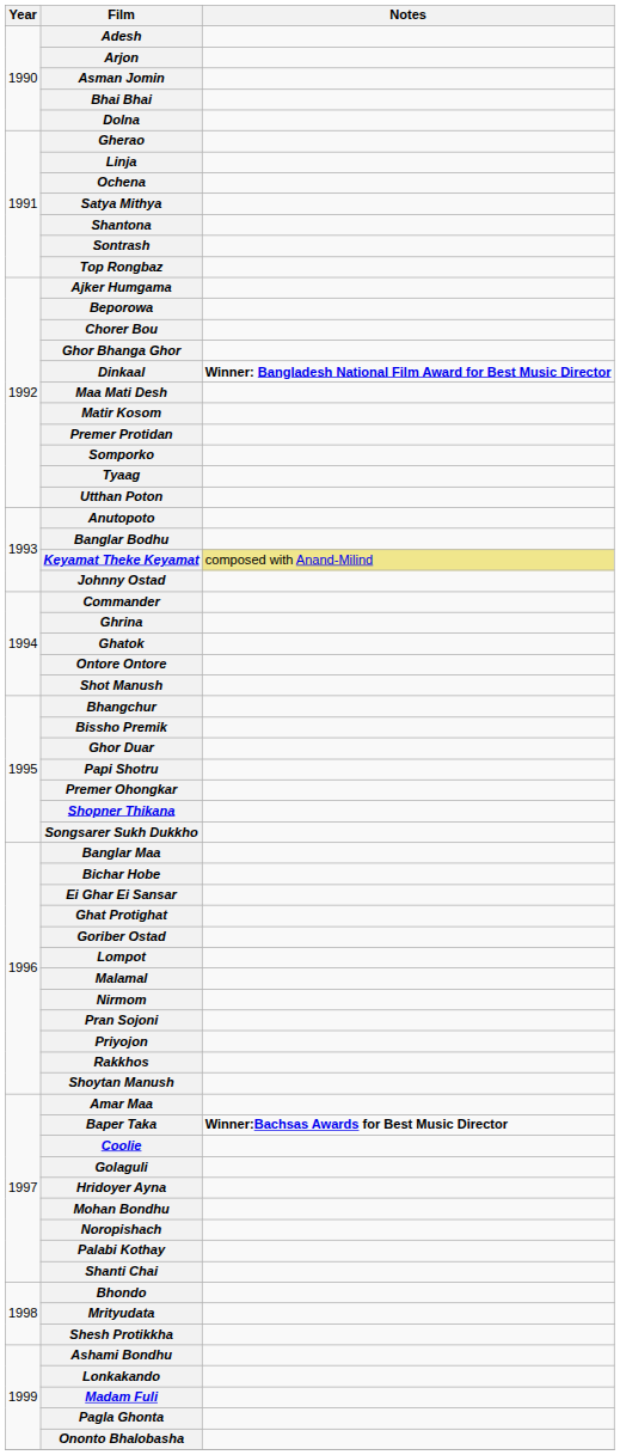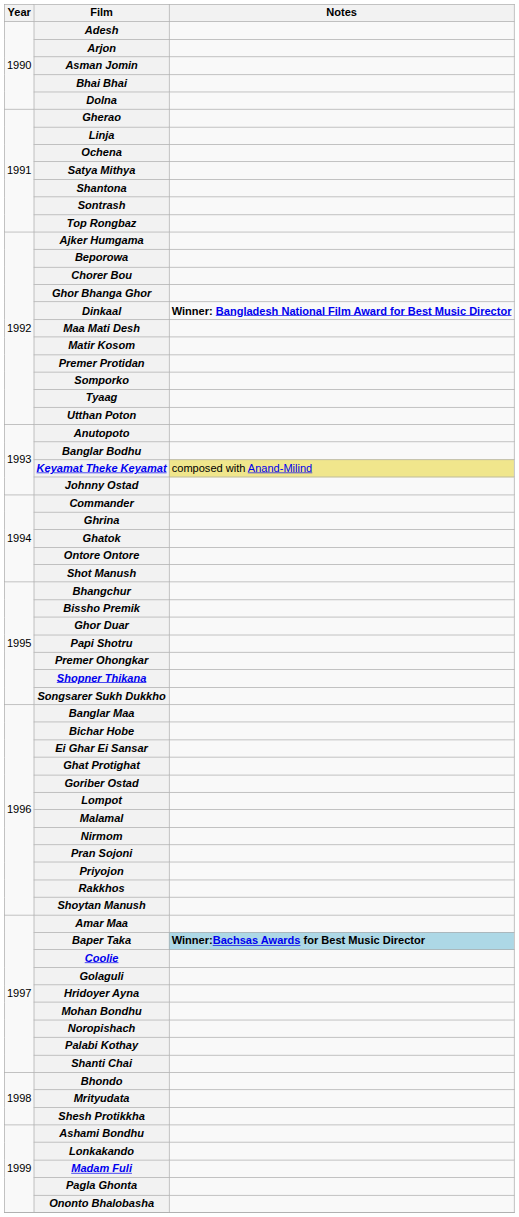 <table class="wikitable sortable">
 <tr>
 <th>Year</th>
 <th>Film</th>
 <th>Notes</th>
 </tr>
 <tr>
 <td rowspan=5>1990</td>
 <th><em>Adesh</em></th>
 <td></td>
 </tr>
 <tr>
 <th><em>Arjon</em></th>
 <td></td>
 </tr>
 <tr>
 <th><em>Asman Jomin</em></th>
 <td></td>
 </tr>
 <tr>
 <th><em>Bhai Bhai</em></th>
 <td></td>
 </tr>
 <tr>
 <th><em>Dolna</em></th>
 <td></td>
 </tr>
 <tr>
 <td rowspan=7>1991</td>
 <th><em>Gherao</em></th>
 <td></td>
 </tr>
 <tr>
 <th><em>Linja</em></th>
 <td></td>
 </tr>
 <tr>
 <th><em>Ochena</em></th>
 <td></td>
 </tr>
 <tr>
 <th><em>Satya Mithya</em></th>
 <td></td>
 </tr>
 <tr>
 <th><em>Shantona</em></th>
 <td></td>
 </tr>
 <tr>
 <th><em>Sontrash</em></th>
 <td></td>
 </tr>
 <tr>
 <th><em>Top Rongbaz</em></th>
 <td></td>
 </tr>
 <tr>
 <td rowspan=11>1992</td>
 <th><em>Ajker Humgama</em></th>
 <td></td>
 </tr>
 <tr>
 <th><em>Beporowa</em></th>
 <td></td>
 </tr>
 <tr>
 <th><em>Chorer Bou</em></th>
 <td></td>
 </tr>
 <tr>
 <th><em>Ghor Bhanga Ghor</em></th>
 <td></td>
 </tr>
 <tr>
 <th><em>Dinkaal</em></th>
 <td><strong>Winner: <a href='#'>Bangladesh National Film Award for Best Music Director</a></strong> </td>
 </tr>
 <tr>
 <th><em>Maa Mati Desh</em></th>
 <td></td>
 </tr>
 <tr>
 <th><em>Matir Kosom</em></th>
 <td></td>
 </tr>
 <tr>
 <th><em>Premer Protidan</em></th>
 <td></td>
 </tr>
 <tr>
 <th><em>Somporko</em></th>
 <td></td>
 </tr>
 <tr>
 <th><em>Tyaag</em></th>
 <td></td>
 </tr>
 <tr>
 <th><em>Utthan Poton</em></th>
 <td></td>
 </tr>
 <tr>
 <td rowspan=4>1993</td>
 <th><em>Anutopoto</em></th>
 <td></td>
 </tr>
 <tr>
 <th><em>Banglar Bodhu</em></th>
 <td></td>
 </tr>
 <tr>
 <th><em><a href='#'>Keyamat Theke Keyamat</a></em></th>
 <td style="background: khaki;">composed with <a href='#'>Anand-Milind</a></td>
 </tr>
 <tr>
 <th><em>Johnny Ostad</em></th>
 <td></td>
 </tr>
 <tr>
 <td rowspan=5>1994</td>
 <th><em>Commander</em> </th>
 <td></td>
 </tr>
 <tr>
 <th><em>Ghrina</em></th>
 <td></td>
 </tr>
 <tr>
 <th><em>Ghatok</em></th>
 <td></td>
 </tr>
 <tr>
 <th><em>Ontore Ontore</em></th>
 <td></td>
 </tr>
 <tr>
 <th><em>Shot Manush</em></th>
 <td></td>
 </tr>
 <tr>
 <td rowspan=7>1995</td>
 <th><em>Bhangchur</em></th>
 <td></td>
 </tr>
 <tr>
 <th><em>Bissho Premik</em></th>
 <td></td>
 </tr>
 <tr>
 <th><em>Ghor Duar</em></th>
 <td></td>
 </tr>
 <tr>
 <th><em>Papi Shotru</em></th>
 <td></td>
 </tr>
 <tr>
 <th><em>Premer Ohongkar</em></th>
 <td></td>
 </tr>
 <tr>
 <th><em><a href='#'>Shopner Thikana</a></em></th>
 <td></td>
 </tr>
 <tr>
 <th><em>Songsarer Sukh Dukkho</em></th>
 <td></td>
 </tr>
 <tr>
 <td rowspan=12>1996</td>
 <th><em>Banglar Maa</em></th>
 <td></td>
 </tr>
 <tr>
 <th><em>Bichar Hobe</em></th>
 <td></td>
 </tr>
 <tr>
 <th><em>Ei Ghar Ei Sansar</em></th>
 <td></td>
 </tr>
 <tr>
 <th><em>Ghat Protighat</em></th>
 <td></td>
 </tr>
 <tr>
 <th><em>Goriber Ostad</em></th>
 <td></td>
 </tr>
 <tr>
 <th><em>Lompot</em></th>
 <td></td>
 </tr>
 <tr>
 <th><em>Malamal</em></th>
 <td></td>
 </tr>
 <tr>
 <th><em>Nirmom</em></th>
 <td></td>
 </tr>
 <tr>
 <th><em>Pran Sojoni</em></th>
 <td></td>
 </tr>
 <tr>
 <th><em>Priyojon</em></th>
 <td></td>
 </tr>
 <tr>
 <th><em>Rakkhos</em></th>
 <td></td>
 </tr>
 <tr>
 <th><em>Shoytan Manush</em></th>
 <td></td>
 </tr>
 <tr>
 <td rowspan=9>1997</td>
 <th><em>Amar Maa</em></th>
 <td></td>
 </tr>
 <tr>
 <th><em>Baper Taka</em> </th>
-<td><strong>Winner:<a href='#'>Bachsas Awards</a> for Best Music Director</strong></td>
+<td style="background: lightblue;"><strong>Winner:<a href='#'>Bachsas Awards</a> for Best Music Director</strong></td>
 </tr>
 <tr>
 <th><em><a href='#'>Coolie</a></em></th>
 <td></td>
 </tr>
 <tr>
 <th><em>Golaguli</em></th>
 <td></td>
 </tr>
 <tr>
 <th><em>Hridoyer Ayna</em></th>
 <td></td>
 </tr>
 <tr>
 <th><em>Mohan Bondhu</em></th>
 <td></td>
 </tr>
 <tr>
 <th><em>Noropishach</em></th>
 <td></td>
 </tr>
 <tr>
 <th><em>Palabi Kothay</em></th>
 <td></td>
 </tr>
 <tr>
 <th><em>Shanti Chai</em> </th>
 <td></td>
 </tr>
 <tr>
 <td rowspan=3>1998</td>
 <th><em>Bhondo</em></th>
 <td></td>
 </tr>
 <tr>
 <th><em>Mrityudata</em> </th>
 <td></td>
 </tr>
 <tr>
 <th><em>Shesh Protikkha</em></th>
 <td></td>
 </tr>
 <tr>
 <td rowspan=5>1999</td>
 <th><em>Ashami Bondhu</em></th>
 <td></td>
 </tr>
 <tr>
 <th><em>Lonkakando</em></th>
 <td></td>
 </tr>
 <tr>
 <th><em><a href='#'>Madam Fuli</a></em></th>
 <td></td>
 </tr>
 <tr>
 <th><em>Pagla Ghonta</em></th>
 <td></td>
 </tr>
 <tr>
 <th><em>Ononto Bhalobasha</em></th>
 <td></td>
 </tr>
 <tr>
 </tr>
 </table>
